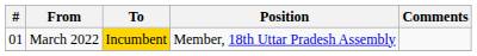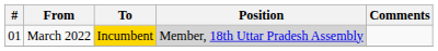 <table class="wikitable sortable">
 <tr>
 <th>#</th>
 <th>From</th>
 <th>To</th>
 <th>Position</th>
 <th>Comments</th>
 </tr>
 <tr>
 <td>01</td>
 <td>March 2022</td>
 <td style="background: gold;">Incumbent</td>
-<td>Member, <a href='#'>18th Uttar Pradesh Assembly</a></td>
+<td style="background: lightgrey;">Member, <a href='#'>18th Uttar Pradesh Assembly</a></td>
 <td></td>
 </tr>
 <tr>
 </tr>
 </table>
